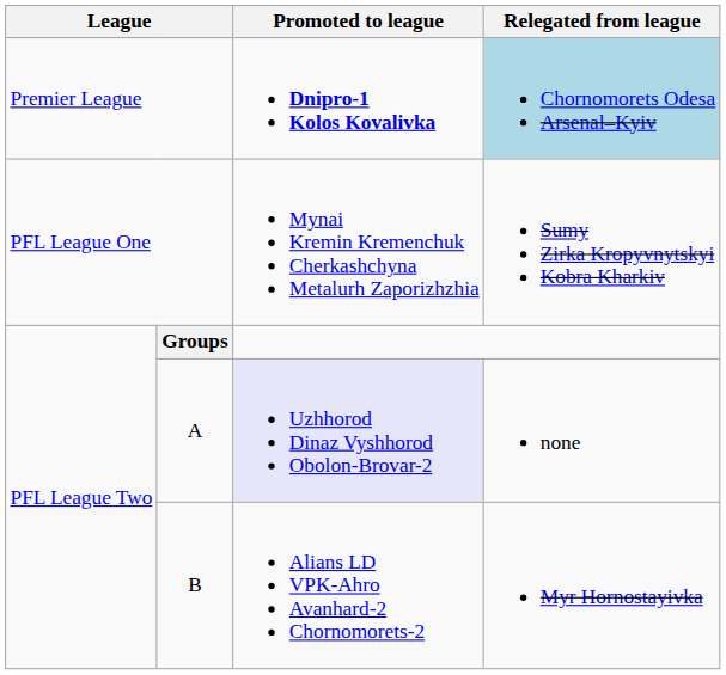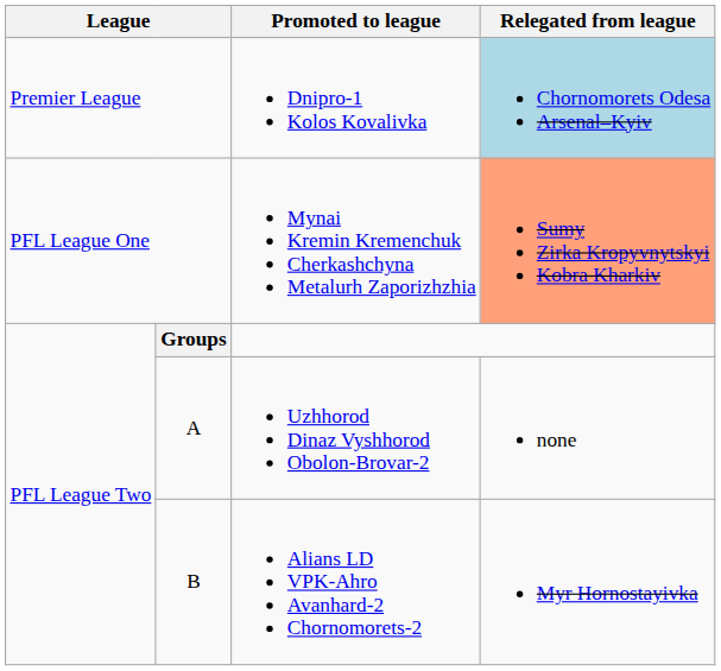 <table class="wikitable">
 <tr>
 <th colspan=2>League</th>
 <th>Promoted to league</th>
 <th>Relegated from league</th>
 </tr>
 <tr>
 <td colspan=2><a href='#'>Premier League</a></td>
-<td><strong><br><ul><li><a href='#'>Dnipro-1</a></li><li><a href='#'>Kolos Kovalivka</a></li></ul></strong></td>
+<td><br><ul><li><a href='#'>Dnipro-1</a></li><li><a href='#'>Kolos Kovalivka</a></li></ul></td>
 <td style="background: lightblue;"><br><ul><li><a href='#'>Chornomorets Odesa</a></li><li><del><a href='#'>Arsenal–Kyiv</a></del></li></ul></td>
 </tr>
 <tr>
 <td colspan=2><a href='#'>PFL League One</a></td>
 <td><br><ul><li><a href='#'>Mynai</a></li><li><a href='#'>Kremin Kremenchuk</a></li><li><a href='#'>Cherkashchyna</a></li><li><a href='#'>Metalurh Zaporizhzhia</a></li></ul></td>
-<td><br><ul><li><del><a href='#'>Sumy</a></del></li><li><del><a href='#'>Zirka Kropyvnytskyi</a></del></li><li><del><a href='#'>Kobra Kharkiv</a></del></li></ul></td>
+<td style="background: lightsalmon;"><br><ul><li><del><a href='#'>Sumy</a></del></li><li><del><a href='#'>Zirka Kropyvnytskyi</a></del></li><li><del><a href='#'>Kobra Kharkiv</a></del></li></ul></td>
 </tr>
 <tr>
 <td rowspan=3><a href='#'>PFL League Two</a></td>
 <th>Groups</th>
 <td colspan=2></td>
 </tr>
 <tr>
 <td align=center>A</td>
-<td style="background: lavender;"><br><ul><li><a href='#'>Uzhhorod</a></li><li><a href='#'>Dinaz Vyshhorod</a></li><li><a href='#'>Obolon-Brovar-2</a></li></ul></td>
+<td><br><ul><li><a href='#'>Uzhhorod</a></li><li><a href='#'>Dinaz Vyshhorod</a></li><li><a href='#'>Obolon-Brovar-2</a></li></ul></td>
 <td><br><ul><li>none</li></ul></td>
 </tr>
 <tr>
 <td align=center>B</td>
 <td><br><ul><li><a href='#'>Alians LD</a></li><li><a href='#'>VPK-Ahro</a></li><li><a href='#'>Avanhard-2</a></li><li><a href='#'>Chornomorets-2</a></li></ul></td>
 <td><br><ul><li><del><a href='#'>Myr Hornostayivka</a></del></li></ul></td>
 </tr>
 </table>
